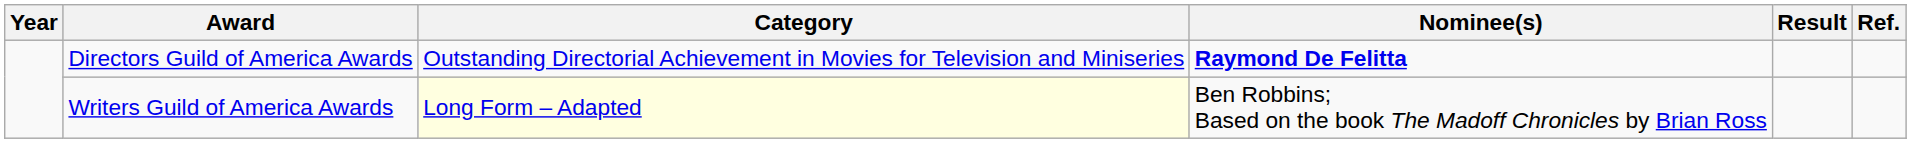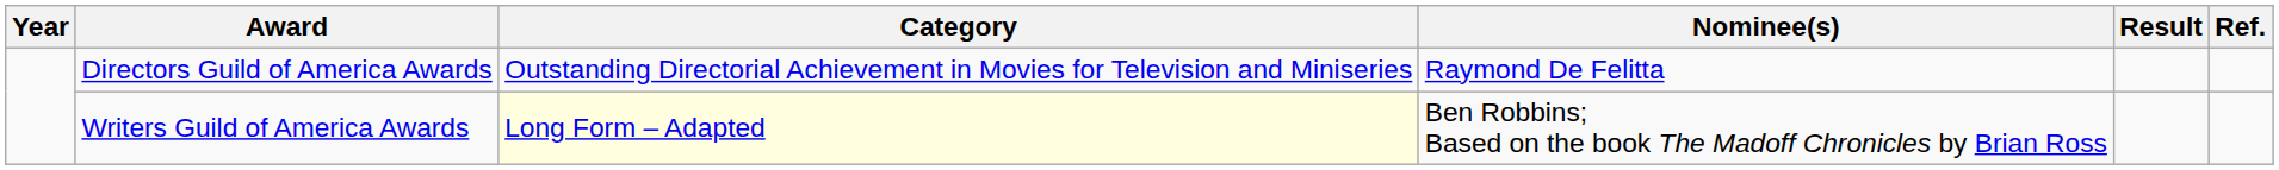 <table class="wikitable sortable">
 <tr>
 <th>Year</th>
 <th>Award</th>
 <th>Category</th>
 <th>Nominee(s)</th>
 <th>Result</th>
 <th>Ref.</th>
 </tr>
 <tr>
 <td rowspan="2"></td>
 <td><a href='#'>Directors Guild of America Awards</a></td>
 <td><a href='#'>Outstanding Directorial Achievement in Movies for Television and Miniseries</a></td>
-<td><strong><a href='#'>Raymond De Felitta</a></strong></td>
+<td><a href='#'>Raymond De Felitta</a></td>
 <td></td>
 <td align="center"></td>
 </tr>
 <tr>
 <td><a href='#'>Writers Guild of America Awards</a></td>
 <td style="background: lightyellow;"><a href='#'>Long Form – Adapted</a></td>
 <td>Ben Robbins; <br> Based on the book <em>The Madoff Chronicles</em> by <a href='#'>Brian Ross</a></td>
 <td></td>
 <td align="center"></td>
 </tr>
 </table>
